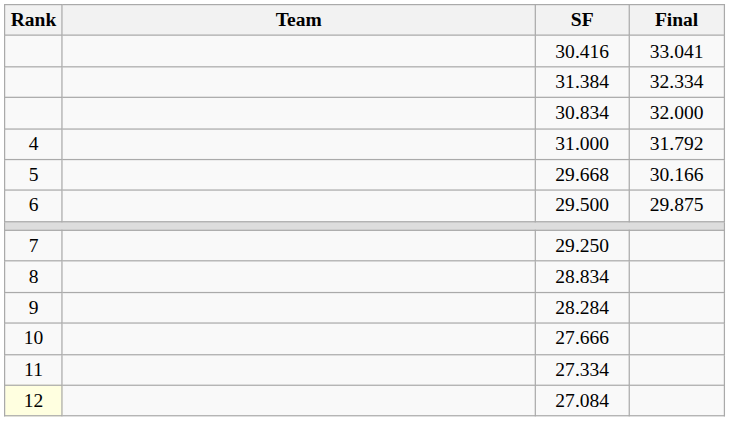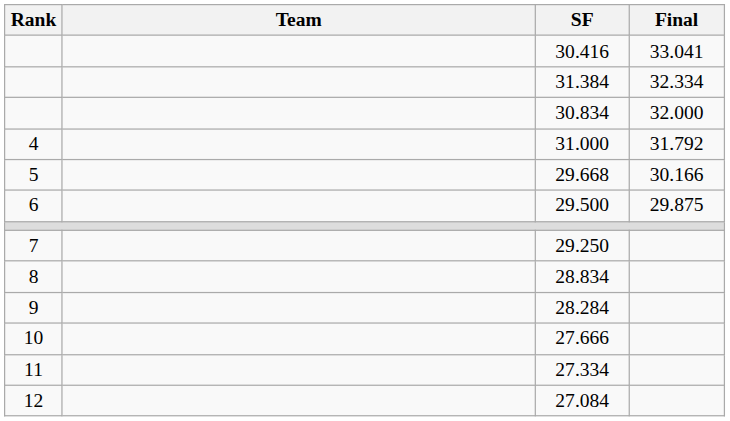 <table class=wikitable style="text-align:center">
 <tr>
 <th width=40>Rank</th>
 <th width=380>Team</th>
 <th width=70>SF</th>
 <th width=70>Final</th>
 </tr>
 <tr>
 <td></td>
 <td align=left></td>
 <td>30.416</td>
 <td>33.041</td>
 </tr>
 <tr>
 <td></td>
 <td align=left></td>
 <td>31.384</td>
 <td>32.334</td>
 </tr>
 <tr>
 <td></td>
 <td align=left></td>
 <td>30.834</td>
 <td>32.000</td>
 </tr>
 <tr>
 <td>4</td>
 <td align=left></td>
 <td>31.000</td>
 <td>31.792</td>
 </tr>
 <tr>
 <td>5</td>
 <td align=left></td>
 <td>29.668</td>
 <td>30.166</td>
 </tr>
 <tr>
 <td>6</td>
 <td align=left></td>
 <td>29.500</td>
 <td>29.875</td>
 </tr>
 <tr bgcolor=#DDDDDD>
 <td colspan=4></td>
 </tr>
 <tr>
 <td>7</td>
 <td align=left></td>
 <td>29.250</td>
 <td></td>
 </tr>
 <tr>
 <td>8</td>
 <td align=left></td>
 <td>28.834</td>
 <td></td>
 </tr>
 <tr>
 <td>9</td>
 <td align=left></td>
 <td>28.284</td>
 <td></td>
 </tr>
 <tr>
 <td>10</td>
 <td align=left></td>
 <td>27.666</td>
 <td></td>
 </tr>
 <tr>
 <td>11</td>
 <td align=left></td>
 <td>27.334</td>
 <td></td>
 </tr>
 <tr>
-<td style="background: lightyellow;">12</td>
+<td>12</td>
 <td align=left></td>
 <td>27.084</td>
 <td></td>
 </tr>
 </table>
